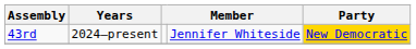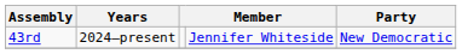 <table class="wikitable">
 <tr>
 <th>Assembly</th>
 <th>Years</th>
 <th colspan="2">Member</th>
 <th>Party</th>
 </tr>
 <tr>
 <td><a href='#'>43rd</a></td>
 <td>2024–present</td>
 <td></td>
 <td><a href='#'>Jennifer Whiteside</a></td>
-<td style="background: gold;"><a href='#'>New Democratic</a></td>
+<td><a href='#'>New Democratic</a></td>
 </tr>
 <tr>
 </tr>
 </table>
